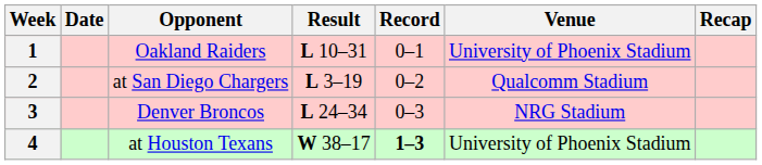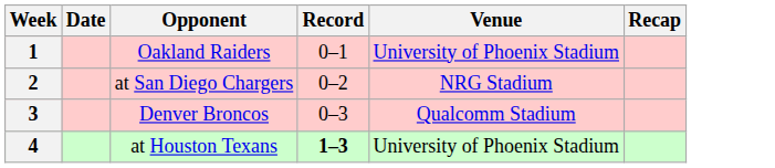 <table class="wikitable" style="text-align:center">
 <tr>
 <th>Week</th>
 <th>Date</th>
 <th>Opponent</th>
-<th>Result</th>
 <th>Record</th>
 <th>Venue</th>
 <th>Recap</th>
 </tr>
 <tr style="background:#fcc">
 <th>1</th>
 <td></td>
 <td><a href='#'>Oakland Raiders</a></td>
-<td><strong>L</strong> 10–31</td>
 <td>0–1</td>
 <td><a href='#'>University of Phoenix Stadium</a></td>
 <td></td>
 </tr>
 <tr style="background:#fcc">
 <th>2</th>
 <td></td>
 <td>at <a href='#'>San Diego Chargers</a></td>
-<td><strong>L</strong> 3–19</td>
 <td>0–2</td>
-<td><a href='#'>Qualcomm Stadium</a></td>
+<td><a href='#'>NRG Stadium</a></td>
 <td></td>
 </tr>
 <tr style="background:#fcc">
 <th>3</th>
 <td></td>
 <td><a href='#'>Denver Broncos</a></td>
-<td><strong>L</strong> 24–34</td>
 <td>0–3</td>
-<td><a href='#'>NRG Stadium</a></td>
+<td><a href='#'>Qualcomm Stadium</a></td>
 <td></td>
 </tr>
 <tr style="background:#cfc">
 <th>4</th>
 <td></td>
 <td>at <a href='#'>Houston Texans</a></td>
-<td><strong>W</strong> 38–17</td>
 <td><strong>1–3</strong></td>
 <td>University of Phoenix Stadium</td>
 <td></td>
 </tr>
 </table>
